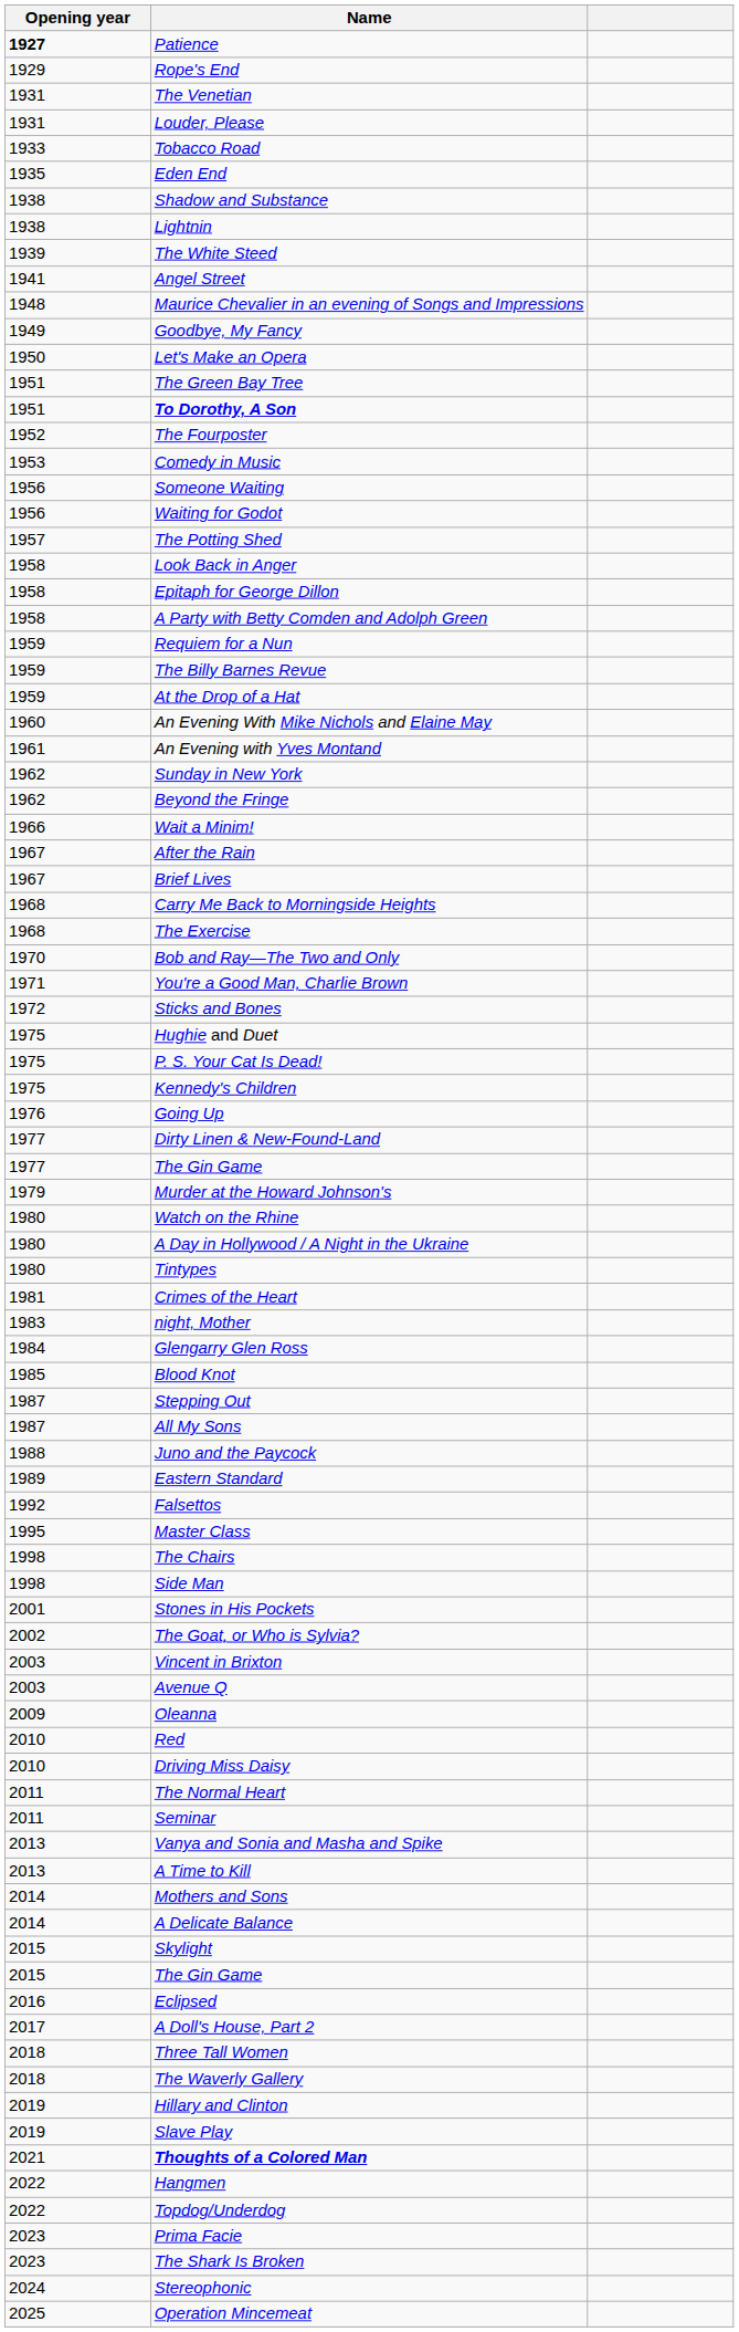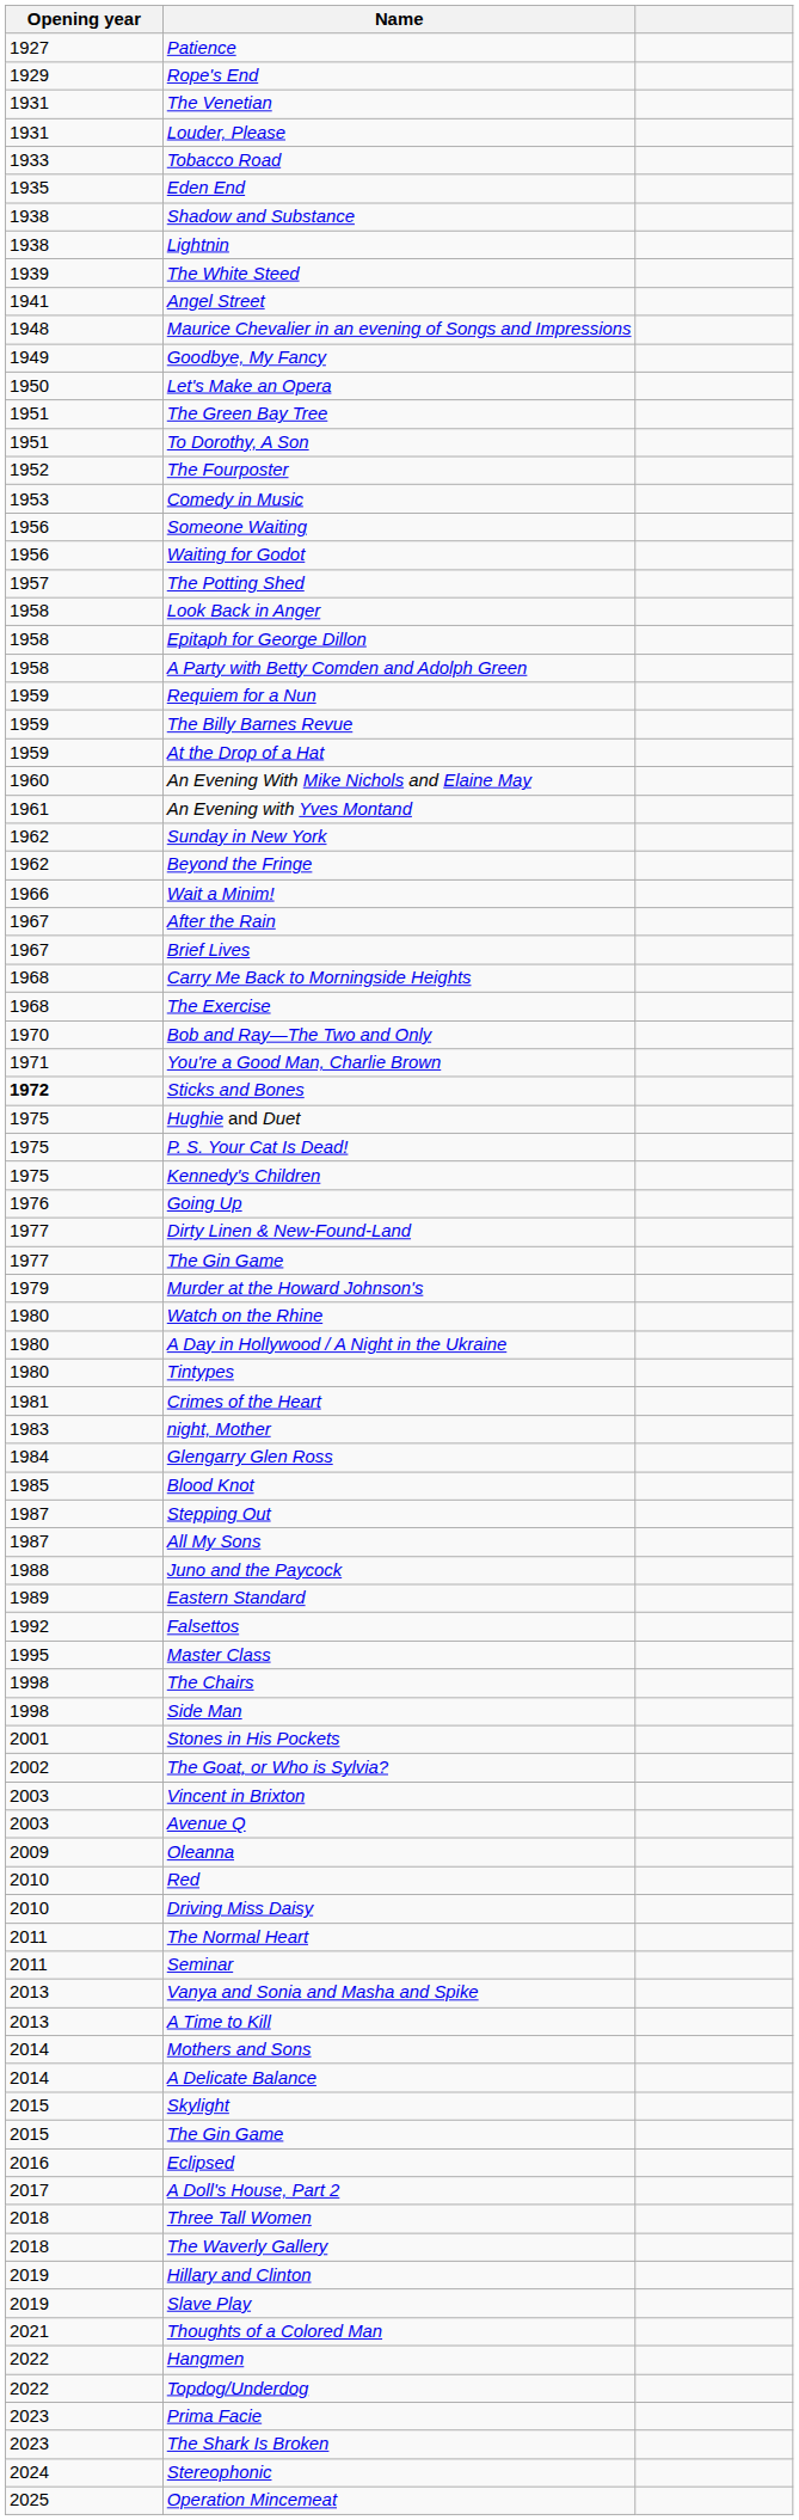 <table class="wikitable sortable collapsible">
 <tr>
 <th width=20% scope="col">Opening year</th>
 <th width=60% scope="col">Name</th>
 <th width=20% scope="col" class="unsortable"></th>
 </tr>
 <tr>
-<td><strong>1927</strong></td>
+<td>1927</td>
 <td><em><a href='#'>Patience</a></em></td>
 <td></td>
 </tr>
 <tr>
 <td>1929</td>
 <td><em><a href='#'>Rope's End</a></em></td>
 <td></td>
 </tr>
 <tr>
 <td>1931</td>
 <td><em><a href='#'>The Venetian</a></em></td>
 <td></td>
 </tr>
 <tr>
 <td>1931</td>
 <td><em><a href='#'>Louder, Please</a></em></td>
 <td></td>
 </tr>
 <tr>
 <td>1933</td>
 <td><em><a href='#'>Tobacco Road</a></em></td>
 <td></td>
 </tr>
 <tr>
 <td>1935</td>
 <td><em><a href='#'>Eden End</a></em></td>
 <td></td>
 </tr>
 <tr>
 <td>1938</td>
 <td><em><a href='#'>Shadow and Substance</a></em></td>
 <td></td>
 </tr>
 <tr>
 <td>1938</td>
 <td><em><a href='#'>Lightnin</a></em></td>
 <td></td>
 </tr>
 <tr>
 <td>1939</td>
 <td><em><a href='#'>The White Steed</a></em></td>
 <td></td>
 </tr>
 <tr>
 <td>1941</td>
 <td><em><a href='#'>Angel Street</a></em></td>
 <td></td>
 </tr>
 <tr>
 <td>1948</td>
 <td><em><a href='#'>Maurice Chevalier in an evening of Songs and Impressions</a></em></td>
 <td></td>
 </tr>
 <tr>
 <td>1949</td>
 <td><em><a href='#'>Goodbye, My Fancy</a></em></td>
 <td></td>
 </tr>
 <tr>
 <td>1950</td>
 <td><em><a href='#'>Let's Make an Opera</a></em></td>
 <td></td>
 </tr>
 <tr>
 <td>1951</td>
 <td><em><a href='#'>The Green Bay Tree</a></em></td>
 <td></td>
 </tr>
 <tr>
 <td>1951</td>
-<td><strong><em><a href='#'>To Dorothy, A Son</a></em></strong></td>
+<td><em><a href='#'>To Dorothy, A Son</a></em></td>
 <td></td>
 </tr>
 <tr>
 <td>1952</td>
 <td><em><a href='#'>The Fourposter</a></em></td>
 <td></td>
 </tr>
 <tr>
 <td>1953</td>
 <td><em><a href='#'>Comedy in Music</a></em></td>
 <td></td>
 </tr>
 <tr>
 <td>1956</td>
 <td><em><a href='#'>Someone Waiting</a></em></td>
 <td></td>
 </tr>
 <tr>
 <td>1956</td>
 <td><em><a href='#'>Waiting for Godot</a></em></td>
 <td></td>
 </tr>
 <tr>
 <td>1957</td>
 <td><em><a href='#'>The Potting Shed</a></em></td>
 <td></td>
 </tr>
 <tr>
 <td>1958</td>
 <td><em><a href='#'>Look Back in Anger</a></em></td>
 <td></td>
 </tr>
 <tr>
 <td>1958</td>
 <td><em><a href='#'>Epitaph for George Dillon</a></em></td>
 <td></td>
 </tr>
 <tr>
 <td>1958</td>
 <td><em><a href='#'>A Party with Betty Comden and Adolph Green</a></em></td>
 <td></td>
 </tr>
 <tr>
 <td>1959</td>
 <td><em><a href='#'>Requiem for a Nun</a></em></td>
 <td></td>
 </tr>
 <tr>
 <td>1959</td>
 <td><em><a href='#'>The Billy Barnes Revue</a></em></td>
 <td></td>
 </tr>
 <tr>
 <td>1959</td>
 <td><em><a href='#'>At the Drop of a Hat</a></em></td>
 <td></td>
 </tr>
 <tr>
 <td>1960</td>
 <td><em>An Evening With <a href='#'>Mike Nichols</a> and <a href='#'>Elaine May</a></em></td>
 <td></td>
 </tr>
 <tr>
 <td>1961</td>
 <td><em>An Evening with <a href='#'>Yves Montand</a></em></td>
 <td></td>
 </tr>
 <tr>
 <td>1962</td>
 <td><em><a href='#'>Sunday in New York</a></em></td>
 <td></td>
 </tr>
 <tr>
 <td>1962</td>
 <td><em><a href='#'>Beyond the Fringe</a></em></td>
 <td></td>
 </tr>
 <tr>
 <td>1966</td>
 <td><em><a href='#'>Wait a Minim!</a></em></td>
 <td></td>
 </tr>
 <tr>
 <td>1967</td>
 <td><em><a href='#'>After the Rain</a></em></td>
 <td></td>
 </tr>
 <tr>
 <td>1967</td>
 <td><em><a href='#'>Brief Lives</a></em></td>
 <td></td>
 </tr>
 <tr>
 <td>1968</td>
 <td><em><a href='#'>Carry Me Back to Morningside Heights</a></em></td>
 <td></td>
 </tr>
 <tr>
 <td>1968</td>
 <td><em><a href='#'>The Exercise</a></em></td>
 <td></td>
 </tr>
 <tr>
 <td>1970</td>
 <td><em><a href='#'>Bob and Ray—The Two and Only</a></em></td>
 <td></td>
 </tr>
 <tr>
 <td>1971</td>
 <td><em><a href='#'>You're a Good Man, Charlie Brown</a></em></td>
 <td></td>
 </tr>
 <tr>
-<td>1972</td>
+<td><strong>1972</strong></td>
 <td><em><a href='#'>Sticks and Bones</a></em></td>
 <td></td>
 </tr>
 <tr>
 <td>1975</td>
 <td><em><a href='#'>Hughie</a></em> and <em>Duet</em></td>
 <td></td>
 </tr>
 <tr>
 <td>1975</td>
 <td><em><a href='#'>P. S. Your Cat Is Dead!</a></em></td>
 <td></td>
 </tr>
 <tr>
 <td>1975</td>
 <td><em><a href='#'>Kennedy's Children</a></em></td>
 <td></td>
 </tr>
 <tr>
 <td>1976</td>
 <td><em><a href='#'>Going Up</a></em></td>
 <td></td>
 </tr>
 <tr>
 <td>1977</td>
 <td><em><a href='#'>Dirty Linen & New-Found-Land</a></em></td>
 <td></td>
 </tr>
 <tr>
 <td>1977</td>
 <td><em><a href='#'>The Gin Game</a></em></td>
 <td></td>
 </tr>
 <tr>
 <td>1979</td>
 <td><em><a href='#'>Murder at the Howard Johnson's</a></em></td>
 <td></td>
 </tr>
 <tr>
 <td>1980</td>
 <td><em><a href='#'>Watch on the Rhine</a></em></td>
 <td></td>
 </tr>
 <tr>
 <td>1980</td>
 <td><em><a href='#'>A Day in Hollywood / A Night in the Ukraine</a></em></td>
 <td></td>
 </tr>
 <tr>
 <td>1980</td>
 <td><em><a href='#'>Tintypes</a></em></td>
 <td></td>
 </tr>
 <tr>
 <td>1981</td>
 <td><em><a href='#'>Crimes of the Heart</a></em></td>
 <td></td>
 </tr>
 <tr>
 <td>1983</td>
 <td><em><a href='#'>night, Mother</a></em></td>
 <td></td>
 </tr>
 <tr>
 <td>1984</td>
 <td><em><a href='#'>Glengarry Glen Ross</a></em></td>
 <td></td>
 </tr>
 <tr>
 <td>1985</td>
 <td><em><a href='#'>Blood Knot</a></em></td>
 <td></td>
 </tr>
 <tr>
 <td>1987</td>
 <td><em><a href='#'>Stepping Out</a></em></td>
 <td></td>
 </tr>
 <tr>
 <td>1987</td>
 <td><em><a href='#'>All My Sons</a></em></td>
 <td></td>
 </tr>
 <tr>
 <td>1988</td>
 <td><em><a href='#'>Juno and the Paycock</a></em></td>
 <td></td>
 </tr>
 <tr>
 <td>1989</td>
 <td><em><a href='#'>Eastern Standard</a></em></td>
 <td></td>
 </tr>
 <tr>
 <td>1992</td>
 <td><em><a href='#'>Falsettos</a></em></td>
 <td></td>
 </tr>
 <tr>
 <td>1995</td>
 <td><em><a href='#'>Master Class</a></em></td>
 <td></td>
 </tr>
 <tr>
 <td>1998</td>
 <td><em><a href='#'>The Chairs</a></em></td>
 <td></td>
 </tr>
 <tr>
 <td>1998</td>
 <td><em><a href='#'>Side Man</a></em></td>
 <td></td>
 </tr>
 <tr>
 <td>2001</td>
 <td><em><a href='#'>Stones in His Pockets</a></em></td>
 <td></td>
 </tr>
 <tr>
 <td>2002</td>
 <td><em><a href='#'>The Goat, or Who is Sylvia?</a></em></td>
 <td></td>
 </tr>
 <tr>
 <td>2003</td>
 <td><em><a href='#'>Vincent in Brixton</a></em></td>
 <td></td>
 </tr>
 <tr>
 <td>2003</td>
 <td><em><a href='#'>Avenue Q</a></em></td>
 <td></td>
 </tr>
 <tr>
 <td>2009</td>
 <td><em><a href='#'>Oleanna</a></em></td>
 <td></td>
 </tr>
 <tr>
 <td>2010</td>
 <td><em><a href='#'>Red</a></em></td>
 <td></td>
 </tr>
 <tr>
 <td>2010</td>
 <td><em><a href='#'>Driving Miss Daisy</a></em></td>
 <td></td>
 </tr>
 <tr>
 <td>2011</td>
 <td><em><a href='#'>The Normal Heart</a></em></td>
 <td></td>
 </tr>
 <tr>
 <td>2011</td>
 <td><em><a href='#'>Seminar</a></em></td>
 <td></td>
 </tr>
 <tr>
 <td>2013</td>
 <td><em><a href='#'>Vanya and Sonia and Masha and Spike</a></em></td>
 <td></td>
 </tr>
 <tr>
 <td>2013</td>
 <td><em><a href='#'>A Time to Kill</a></em></td>
 <td></td>
 </tr>
 <tr>
 <td>2014</td>
 <td><em><a href='#'>Mothers and Sons</a></em></td>
 <td></td>
 </tr>
 <tr>
 <td>2014</td>
 <td><em><a href='#'>A Delicate Balance</a></em></td>
 <td></td>
 </tr>
 <tr>
 <td>2015</td>
 <td><em><a href='#'>Skylight</a></em></td>
 <td></td>
 </tr>
 <tr>
 <td>2015</td>
 <td><em><a href='#'>The Gin Game</a></em></td>
 <td></td>
 </tr>
 <tr>
 <td>2016</td>
 <td><em><a href='#'>Eclipsed</a></em></td>
 <td></td>
 </tr>
 <tr>
 <td>2017</td>
 <td><em><a href='#'>A Doll's House, Part 2</a></em></td>
 <td></td>
 </tr>
 <tr>
 <td>2018</td>
 <td><em><a href='#'>Three Tall Women</a></em></td>
 <td></td>
 </tr>
 <tr>
 <td>2018</td>
 <td><em><a href='#'>The Waverly Gallery</a></em></td>
 <td></td>
 </tr>
 <tr>
 <td>2019</td>
 <td><em><a href='#'>Hillary and Clinton</a></em></td>
 <td></td>
 </tr>
 <tr>
 <td>2019</td>
 <td><em><a href='#'>Slave Play</a></em></td>
 <td></td>
 </tr>
 <tr>
 <td>2021</td>
-<td><strong><em><a href='#'>Thoughts of a Colored Man</a></em></strong></td>
+<td><em><a href='#'>Thoughts of a Colored Man</a></em></td>
 <td></td>
 </tr>
 <tr>
 <td>2022</td>
 <td><em><a href='#'>Hangmen</a></em></td>
 <td></td>
 </tr>
 <tr>
 <td>2022</td>
 <td><em><a href='#'>Topdog/Underdog</a></em></td>
 <td></td>
 </tr>
 <tr>
 <td>2023</td>
 <td><em><a href='#'>Prima Facie</a></em></td>
 <td></td>
 </tr>
 <tr>
 <td>2023</td>
 <td><em><a href='#'>The Shark Is Broken</a></em></td>
 <td></td>
 </tr>
 <tr>
 <td>2024</td>
 <td><em><a href='#'>Stereophonic</a></em></td>
 <td></td>
 </tr>
 <tr>
 <td>2025</td>
 <td><em><a href='#'>Operation Mincemeat</a></em></td>
 <td></td>
 </tr>
 </table>
